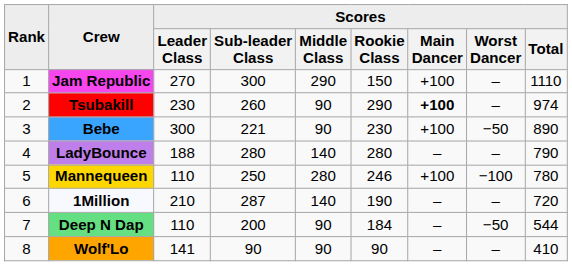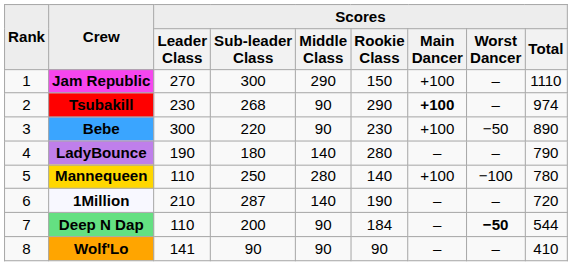 <table class="wikitable" style="text-align:center; font-size:90%">
 <tr>
 <th rowspan="2" style="background:#EDEDED">Rank</th>
 <th rowspan="2" style="background:#EDEDED">Crew</th>
 <th colspan="7" style="background:#EDEDED">Scores</th>
 </tr>
 <tr>
 <th>Leader<br>Class</th>
 <th>Sub-leader<br>Class</th>
 <th>Middle<br>Class</th>
 <th>Rookie<br>Class</th>
 <th>Main<br>Dancer</th>
 <th>Worst<br>Dancer</th>
 <th>Total</th>
 </tr>
 <tr>
 <td>1</td>
 <td style="background:#F646EE"><strong>Jam Republic</strong></td>
 <td>270</td>
 <td>300</td>
 <td>290</td>
 <td>150</td>
 <td>+100</td>
 <td>–</td>
 <td>1110</td>
 </tr>
 <tr>
 <td>2</td>
 <td style="background:red"><strong>Tsubakill</strong></td>
 <td>230</td>
-<td>260</td>
+<td>268</td>
 <td>90</td>
 <td>290</td>
 <td><strong>+100</strong></td>
 <td>–</td>
 <td>974</td>
 </tr>
 <tr>
 <td>3</td>
 <td style="background:#3AA5FF"><strong>Bebe</strong></td>
 <td>300</td>
-<td>221</td>
+<td>220</td>
 <td>90</td>
 <td>230</td>
 <td>+100</td>
 <td>−50</td>
 <td>890</td>
 </tr>
 <tr>
 <td>4</td>
 <td style="background:#BF7FEB"><strong>LadyBounce</strong></td>
-<td>188</td>
-<td>280</td>
+<td>190</td>
+<td>180</td>
 <td>140</td>
 <td>280</td>
 <td>–</td>
 <td>–</td>
 <td>790</td>
 </tr>
 <tr>
 <td>5</td>
 <td style="background:gold"><strong>Mannequeen</strong></td>
 <td>110</td>
 <td>250</td>
 <td>280</td>
-<td>246</td>
+<td>140</td>
 <td>+100</td>
 <td>−100</td>
 <td>780</td>
 </tr>
 <tr>
 <td>6</td>
 <td style="background:#F8F8FF"><strong>1Million</strong></td>
 <td>210</td>
 <td>287</td>
 <td>140</td>
 <td>190</td>
 <td>–</td>
 <td>–</td>
 <td>720</td>
 </tr>
 <tr>
 <td>7</td>
 <td style="background:#64E082"><strong>Deep N Dap</strong></td>
 <td>110</td>
 <td>200</td>
 <td>90</td>
 <td>184</td>
 <td>–</td>
-<td>−50</td>
+<td><strong>−50</strong></td>
 <td>544</td>
 </tr>
 <tr>
 <td>8</td>
 <td style="background:orange"><strong>Wolf'Lo</strong></td>
 <td>141</td>
 <td>90</td>
 <td>90</td>
 <td>90</td>
 <td>–</td>
 <td>–</td>
 <td>410</td>
 </tr>
 </table>
